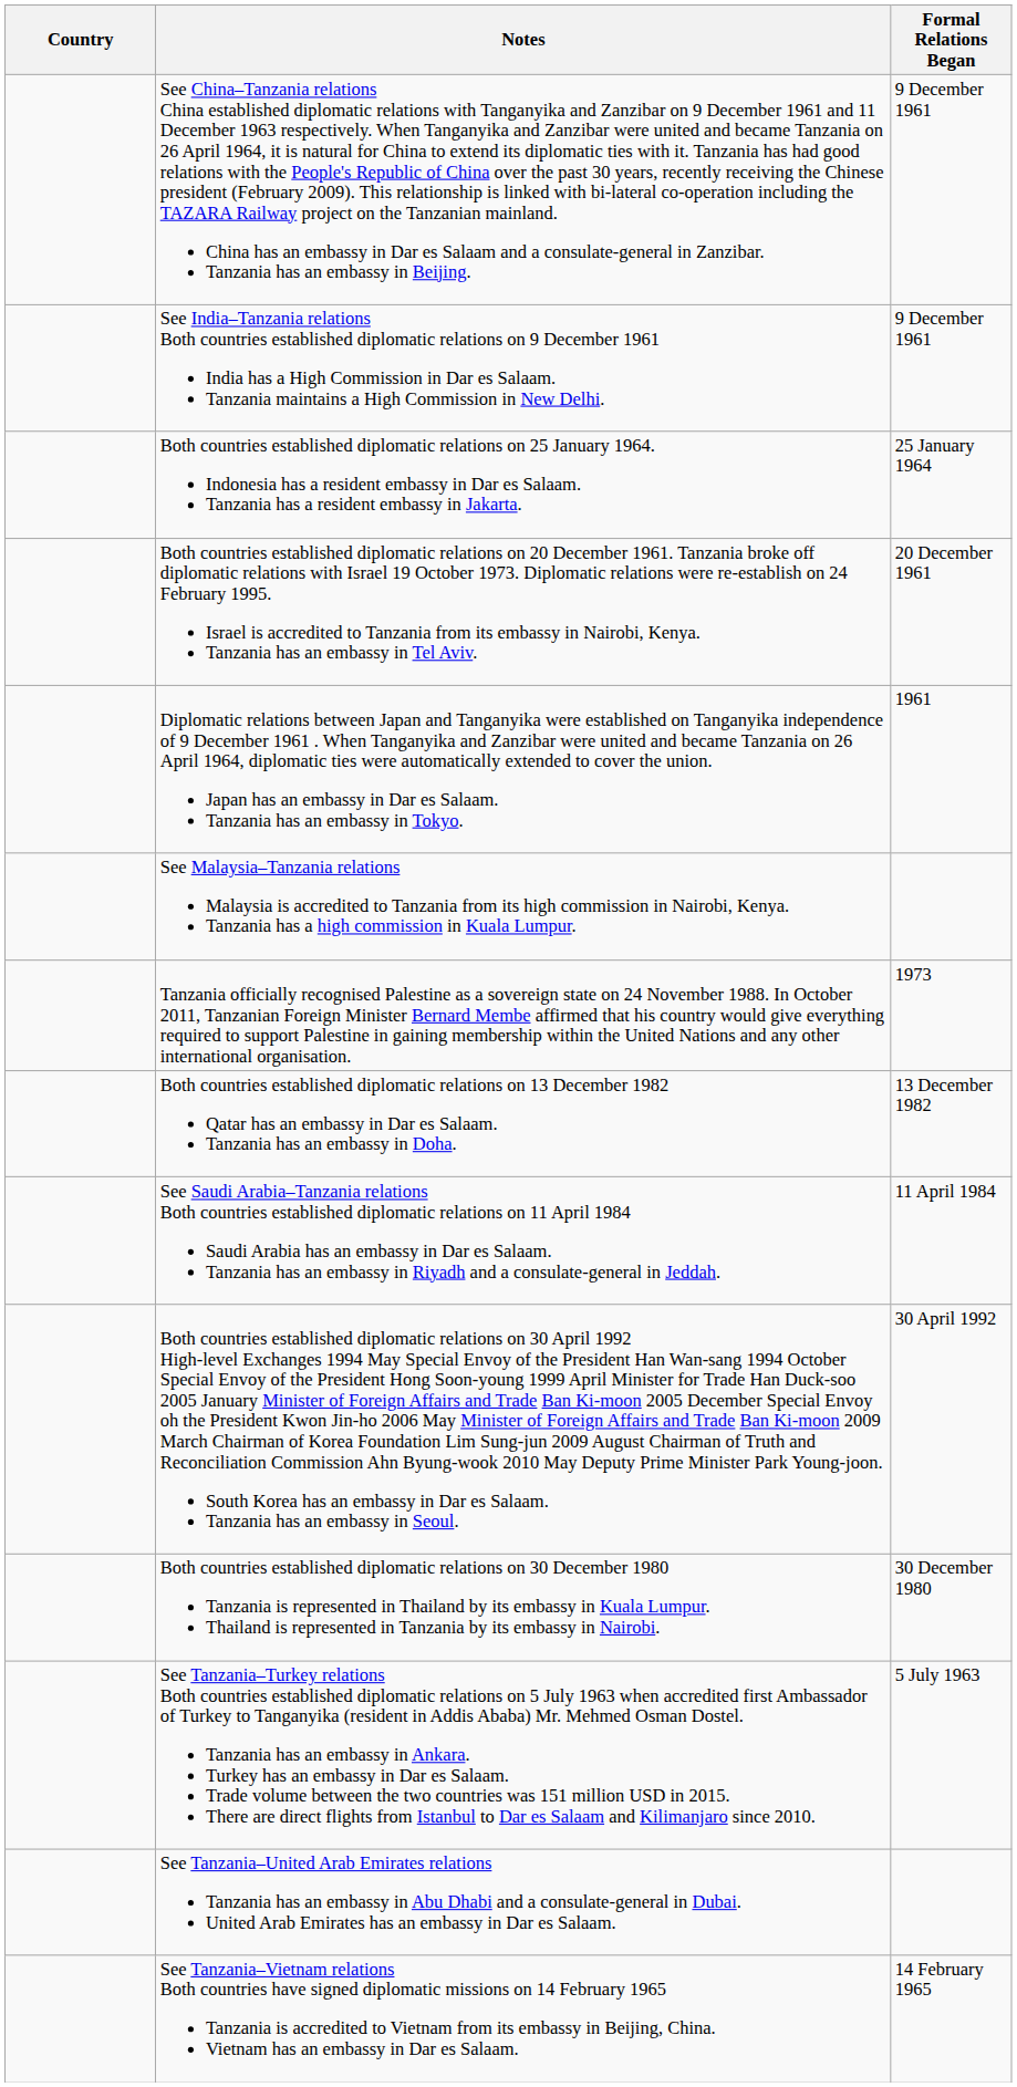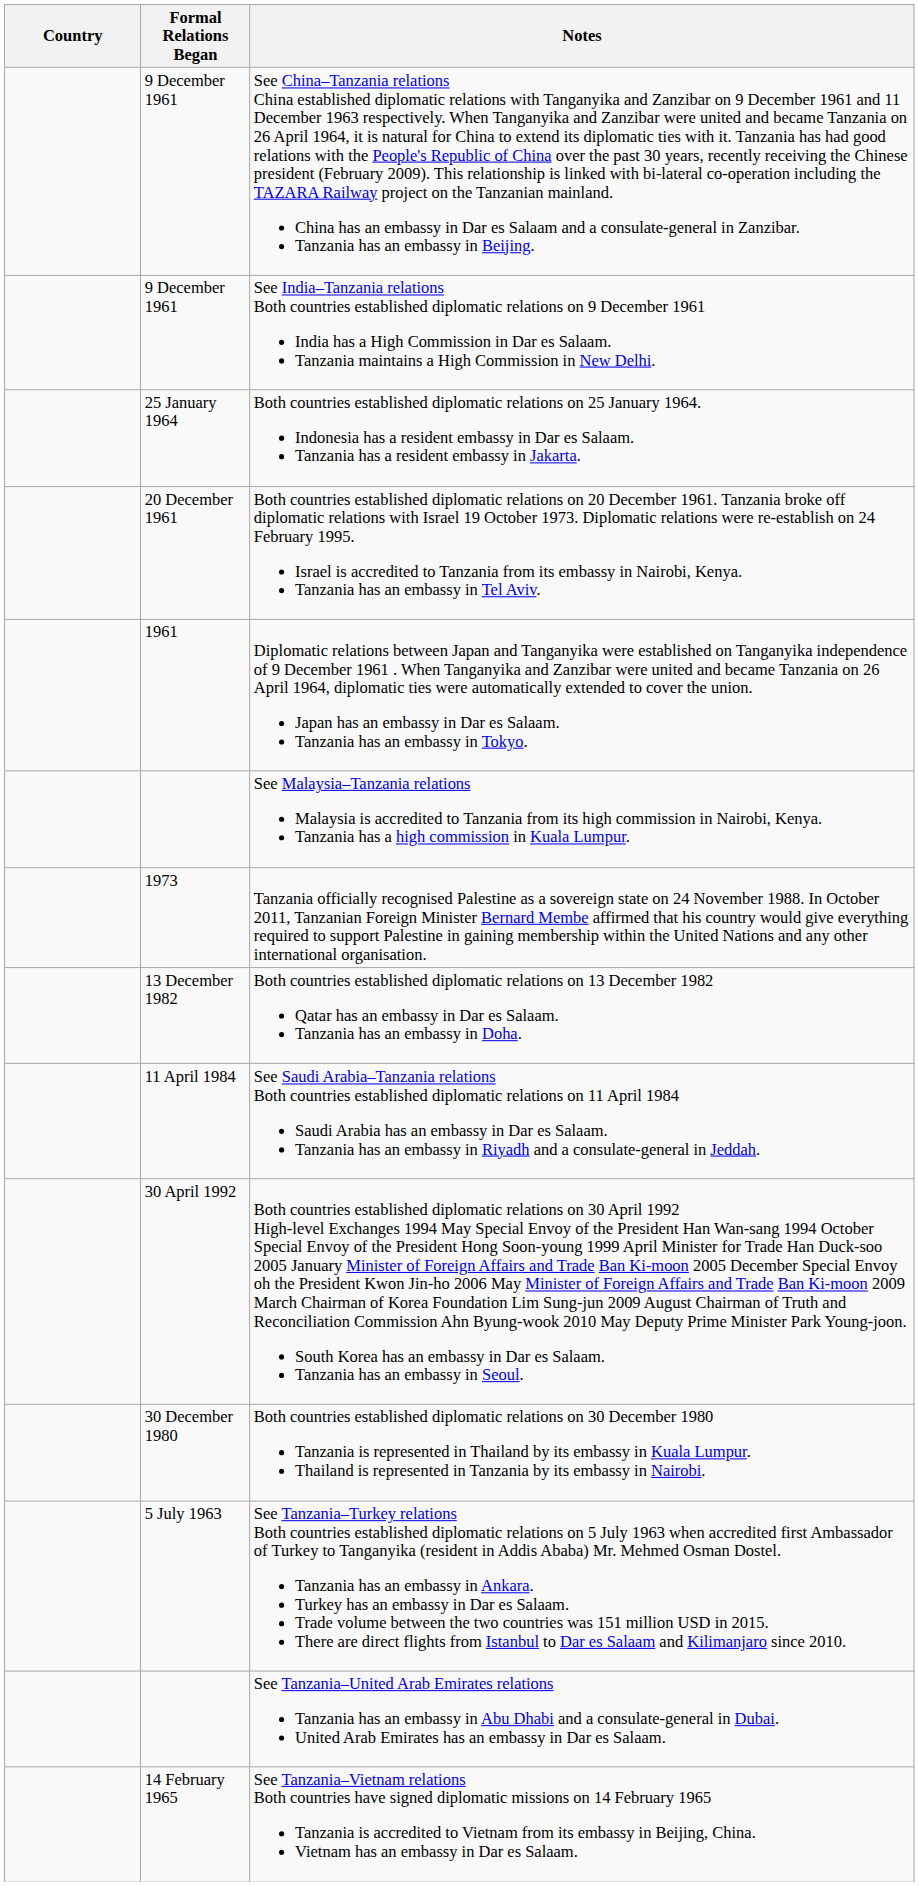 <table class="wikitable sortable" style="width:100%; margin:auto;">
 <tr>
 <th style="width:15%;">Country</th>
+<th style="width:12%;">Formal Relations Began</th>
 <th>Notes</th>
-<th style="width:12%;">Formal Relations Began</th>
 </tr>
 <tr valign="top">
 <td></td>
+<td>9 December 1961</td>
 <td>See <a href='#'>China–Tanzania relations</a><br>China established diplomatic relations with Tanganyika and Zanzibar on 9 December 1961 and 11 December 1963 respectively. When Tanganyika and Zanzibar were united and became Tanzania on 26 April 1964, it is natural for China to extend its diplomatic ties with it. Tanzania has had good relations with the <a href='#'>People's Republic of China</a> over the past 30 years, recently receiving the Chinese president (February 2009). This relationship is linked with bi-lateral co-operation including the <a href='#'>TAZARA Railway</a> project on the Tanzanian mainland.<ul><li>China has an embassy in Dar es Salaam and a consulate-general in Zanzibar.</li><li>Tanzania has an embassy in <a href='#'>Beijing</a>.</li></ul></td>
-<td>9 December 1961</td>
 </tr>
 <tr valign="top">
 <td></td>
+<td>9 December 1961</td>
 <td>See <a href='#'>India–Tanzania relations</a><br>Both countries established diplomatic relations on 9 December 1961<ul><li>India has a High Commission in Dar es Salaam.</li><li>Tanzania maintains a High Commission in <a href='#'>New Delhi</a>.</li></ul></td>
-<td>9 December 1961</td>
 </tr>
 <tr valign="top">
 <td></td>
+<td>25 January 1964</td>
 <td>Both countries established diplomatic relations on 25 January 1964.<br><ul><li>Indonesia has a resident embassy in Dar es Salaam.</li><li>Tanzania has a resident embassy in <a href='#'>Jakarta</a>.</li></ul></td>
-<td>25 January 1964</td>
 </tr>
 <tr valign="top">
 <td></td>
+<td>20 December 1961</td>
 <td>Both countries established diplomatic relations on 20 December 1961. Tanzania broke off diplomatic relations with Israel 19 October 1973. Diplomatic relations were re-establish on 24 February 1995.<br><ul><li>Israel is accredited to Tanzania from its embassy in Nairobi, Kenya.</li><li>Tanzania has an embassy in <a href='#'>Tel Aviv</a>.</li></ul></td>
-<td>20 December 1961</td>
 </tr>
 <tr valign="top">
 <td></td>
+<td>1961</td>
 <td><br>Diplomatic relations between Japan and Tanganyika were established on Tanganyika independence of 9 December 1961 . When Tanganyika and Zanzibar were united and became Tanzania on 26 April 1964, diplomatic ties were automatically extended to cover the union.<ul><li>Japan has an embassy in Dar es Salaam.</li><li>Tanzania has an embassy in <a href='#'>Tokyo</a>.</li></ul></td>
-<td>1961</td>
 </tr>
 <tr valign="top">
 <td></td>
+<td></td>
 <td>See <a href='#'>Malaysia–Tanzania relations</a><br><ul><li>Malaysia is accredited to Tanzania from its high commission in Nairobi, Kenya.</li><li>Tanzania has a <a href='#'>high commission</a> in <a href='#'>Kuala Lumpur</a>.</li></ul></td>
-<td></td>
 </tr>
 <tr valign="top">
 <td></td>
+<td>1973</td>
 <td><br>Tanzania officially recognised Palestine as a sovereign state on 24 November 1988. In October 2011, Tanzanian Foreign Minister <a href='#'>Bernard Membe</a> affirmed that his country would give everything required to support Palestine in gaining membership within the United Nations and any other international organisation.</td>
-<td>1973</td>
 </tr>
 <tr valign="top">
 <td></td>
+<td>13 December 1982</td>
 <td>Both countries established diplomatic relations on 13 December 1982<br><ul><li>Qatar has an embassy in Dar es Salaam.</li><li>Tanzania has an embassy in <a href='#'>Doha</a>.</li></ul></td>
-<td>13 December 1982</td>
 </tr>
 <tr valign="top">
 <td></td>
+<td>11 April 1984</td>
 <td>See <a href='#'>Saudi Arabia–Tanzania relations</a><br>Both countries established diplomatic relations on 11 April 1984<ul><li>Saudi Arabia has an embassy in Dar es Salaam.</li><li>Tanzania has an embassy in <a href='#'>Riyadh</a> and a consulate-general in <a href='#'>Jeddah</a>.</li></ul></td>
-<td>11 April 1984</td>
 </tr>
 <tr valign="top">
 <td></td>
+<td>30 April 1992</td>
 <td><br>Both countries established diplomatic relations on 30 April 1992<br>High-level Exchanges 1994 May Special Envoy of the President Han Wan-sang 1994 October Special Envoy of the President Hong Soon-young 1999 April Minister for Trade Han Duck-soo 2005 January <a href='#'>Minister of Foreign Affairs and Trade</a> <a href='#'>Ban Ki-moon</a> 2005 December Special Envoy oh the President Kwon Jin-ho 2006 May <a href='#'>Minister of Foreign Affairs and Trade</a> <a href='#'>Ban Ki-moon</a> 2009 March Chairman of Korea Foundation Lim Sung-jun 2009 August Chairman of Truth and Reconciliation Commission Ahn Byung-wook 2010 May Deputy Prime Minister Park Young-joon.<ul><li>South Korea has an embassy in Dar es Salaam.</li><li>Tanzania has an embassy in <a href='#'>Seoul</a>.</li></ul></td>
-<td>30 April 1992</td>
 </tr>
 <tr valign="top">
 <td></td>
+<td>30 December 1980</td>
 <td>Both countries established diplomatic relations on 30 December 1980<br><ul><li>Tanzania is represented in Thailand by its embassy in <a href='#'>Kuala Lumpur</a>.</li><li>Thailand is represented in Tanzania by its embassy in <a href='#'>Nairobi</a>.</li></ul></td>
-<td>30 December 1980</td>
 </tr>
 <tr valign="top">
 <td></td>
+<td>5 July 1963</td>
 <td>See <a href='#'>Tanzania–Turkey relations</a><br>Both countries established diplomatic relations on 5 July 1963 when accredited first Ambassador of Turkey to Tanganyika (resident in Addis Ababa) Mr. Mehmed Osman Dostel.<ul><li>Tanzania has an embassy in <a href='#'>Ankara</a>.</li><li>Turkey has an embassy in Dar es Salaam.</li><li>Trade volume between the two countries was 151 million USD in 2015.</li><li>There are direct flights from <a href='#'>Istanbul</a> to <a href='#'>Dar es Salaam</a> and <a href='#'>Kilimanjaro</a> since 2010.</li></ul></td>
-<td>5 July 1963</td>
 </tr>
 <tr valign="top">
 <td></td>
+<td></td>
 <td>See <a href='#'>Tanzania–United Arab Emirates relations</a><br><ul><li>Tanzania has an embassy in <a href='#'>Abu Dhabi</a> and a consulate-general in <a href='#'>Dubai</a>.</li><li>United Arab Emirates has an embassy in Dar es Salaam.</li></ul></td>
-<td></td>
 </tr>
 <tr valign="top">
 <td></td>
+<td>14 February 1965</td>
 <td>See <a href='#'>Tanzania–Vietnam relations</a><br>Both countries have signed diplomatic missions on 14 February 1965<ul><li>Tanzania is accredited to Vietnam from its embassy in Beijing, China.</li><li>Vietnam has an embassy in Dar es Salaam.</li></ul></td>
-<td>14 February 1965</td>
 </tr>
 </table>
